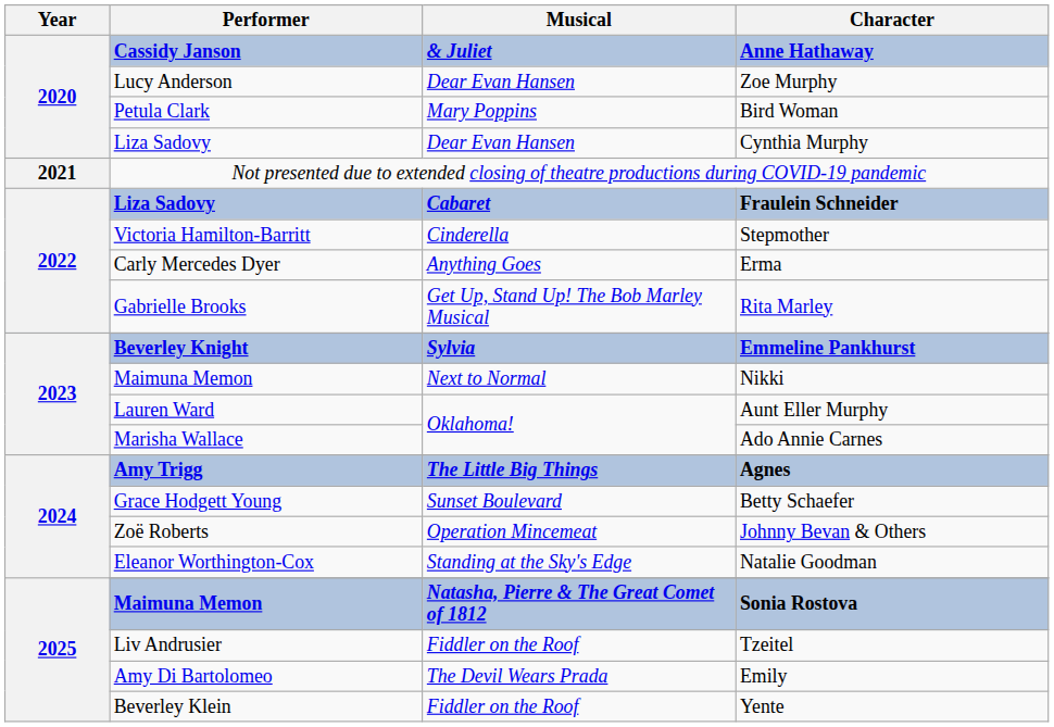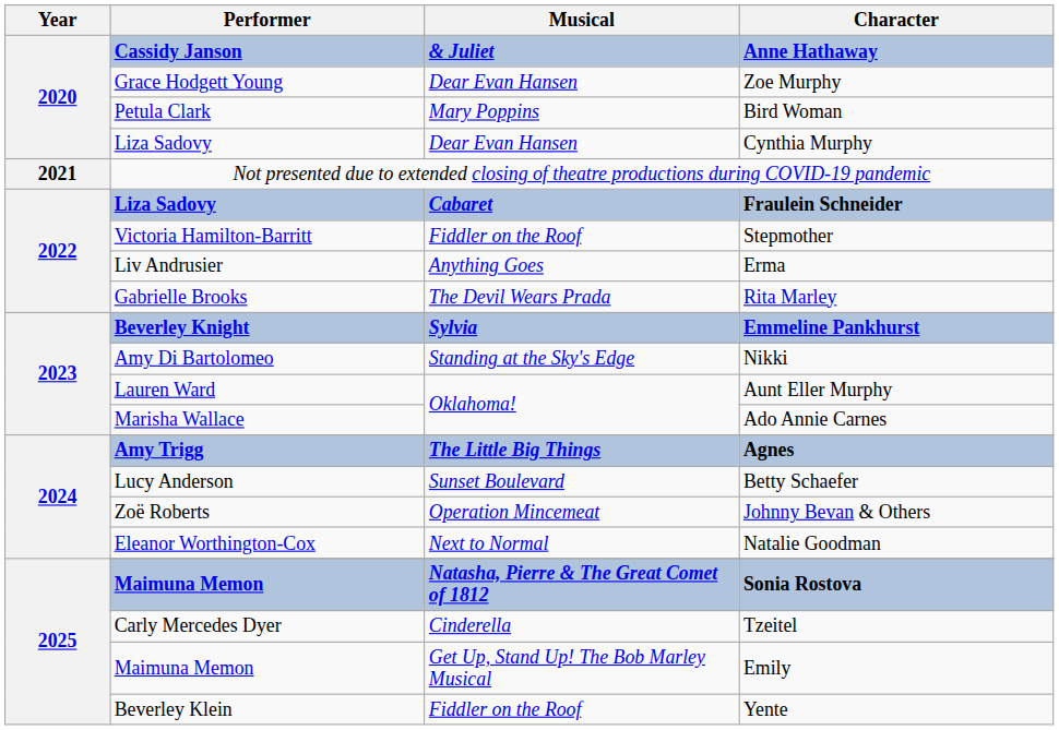 <table class="wikitable" style="width:98%;">
 <tr style="background:#bebebe;">
 <th style="width:10%;">Year</th>
 <th style="width:30%;">Performer</th>
 <th style="width:30%;">Musical</th>
 <th style="width:30%;">Character</th>
 </tr>
 <tr style="background:#B0C4DE">
 <th rowspan="4" align="center"><a href='#'>2020</a></th>
 <td><strong><a href='#'>Cassidy Janson</a></strong></td>
 <td><strong><em><a href='#'>& Juliet</a></em></strong></td>
 <td><strong><a href='#'>Anne Hathaway</a></strong></td>
 </tr>
 <tr>
-<td>Lucy Anderson</td>
+<td><a href='#'>Grace Hodgett Young</a></td>
 <td><em><a href='#'>Dear Evan Hansen</a></em></td>
 <td>Zoe Murphy</td>
 </tr>
 <tr>
 <td><a href='#'>Petula Clark</a></td>
 <td><a href='#'><em>Mary Poppins</em></a></td>
 <td>Bird Woman</td>
 </tr>
 <tr>
 <td><a href='#'>Liza Sadovy</a></td>
 <td><em><a href='#'>Dear Evan Hansen</a></em></td>
 <td>Cynthia Murphy</td>
 </tr>
 <tr>
 <th align="center">2021</th>
 <td colspan=3 align="center"><em>Not presented due to extended <a href='#'>closing of theatre productions during COVID-19 pandemic</a></em></td>
 </tr>
 <tr style="background:#B0C4DE">
 <th rowspan="4"><a href='#'>2022</a></th>
 <td><strong><a href='#'>Liza Sadovy</a></strong></td>
 <td><strong><em><a href='#'>Cabaret</a></em></strong></td>
 <td><strong>Fraulein Schneider</strong></td>
 </tr>
 <tr>
 <td><a href='#'>Victoria Hamilton-Barritt</a></td>
-<td><em><a href='#'>Cinderella</a></em></td>
+<td><em><a href='#'>Fiddler on the Roof</a></em></td>
 <td>Stepmother</td>
 </tr>
 <tr>
-<td>Carly Mercedes Dyer</td>
+<td>Liv Andrusier</td>
 <td><em><a href='#'>Anything Goes</a></em></td>
 <td>Erma</td>
 </tr>
 <tr>
 <td><a href='#'>Gabrielle Brooks</a></td>
-<td><em><a href='#'>Get Up, Stand Up! The Bob Marley Musical</a></em></td>
+<td><em><a href='#'>The Devil Wears Prada</a></em></td>
 <td><a href='#'>Rita Marley</a></td>
 </tr>
 <tr>
 <th rowspan="5"><a href='#'>2023</a></th>
 </tr>
 <tr style="background:#B0C4DE">
 <td><strong><a href='#'>Beverley Knight</a></strong></td>
 <td><strong><em><a href='#'>Sylvia</a></em></strong></td>
 <td><strong><a href='#'>Emmeline Pankhurst</a></strong></td>
 </tr>
 <tr>
-<td><a href='#'>Maimuna Memon</a></td>
-<td><em><a href='#'>Next to Normal</a></em></td>
+<td><a href='#'>Amy Di Bartolomeo</a></td>
+<td><em><a href='#'>Standing at the Sky's Edge</a></em></td>
 <td>Nikki</td>
 </tr>
 <tr>
 <td><a href='#'>Lauren Ward</a></td>
 <td rowspan=2><em><a href='#'>Oklahoma!</a></em></td>
 <td>Aunt Eller Murphy</td>
 </tr>
 <tr>
 <td><a href='#'>Marisha Wallace</a></td>
 <td>Ado Annie Carnes</td>
 </tr>
 <tr>
 <th rowspan="5"><a href='#'>2024</a></th>
 </tr>
 <tr style="background:#B0C4DE">
 <td><strong><a href='#'>Amy Trigg</a></strong></td>
 <td><strong><em><a href='#'>The Little Big Things</a></em></strong></td>
 <td><strong>Agnes</strong></td>
 </tr>
 <tr>
-<td><a href='#'>Grace Hodgett Young</a></td>
+<td>Lucy Anderson</td>
 <td><em><a href='#'>Sunset Boulevard</a></em></td>
 <td>Betty Schaefer</td>
 </tr>
 <tr>
 <td>Zoë Roberts</td>
 <td><em><a href='#'>Operation Mincemeat</a></em></td>
 <td><a href='#'>Johnny Bevan</a> & Others</td>
 </tr>
 <tr>
 <td><a href='#'>Eleanor Worthington-Cox</a></td>
-<td><em><a href='#'>Standing at the Sky's Edge</a></em></td>
+<td><em><a href='#'>Next to Normal</a></em></td>
 <td>Natalie Goodman</td>
 </tr>
 <tr>
 <th rowspan="5"><a href='#'>2025</a></th>
 </tr>
 <tr style="background:#B0C4DE">
 <td><strong><a href='#'>Maimuna Memon</a></strong></td>
 <td><strong><em><a href='#'>Natasha, Pierre & The Great Comet of 1812</a></em></strong></td>
 <td><strong>Sonia Rostova</strong></td>
 </tr>
 <tr>
-<td>Liv Andrusier</td>
-<td><em><a href='#'>Fiddler on the Roof</a></em></td>
+<td>Carly Mercedes Dyer</td>
+<td><em><a href='#'>Cinderella</a></em></td>
 <td>Tzeitel</td>
 </tr>
 <tr>
-<td><a href='#'>Amy Di Bartolomeo</a></td>
-<td><em><a href='#'>The Devil Wears Prada</a></em></td>
+<td><a href='#'>Maimuna Memon</a></td>
+<td><em><a href='#'>Get Up, Stand Up! The Bob Marley Musical</a></em></td>
 <td>Emily</td>
 </tr>
 <tr>
 <td>Beverley Klein</td>
 <td><em><a href='#'>Fiddler on the Roof</a></em></td>
 <td>Yente</td>
 </tr>
 </table>
